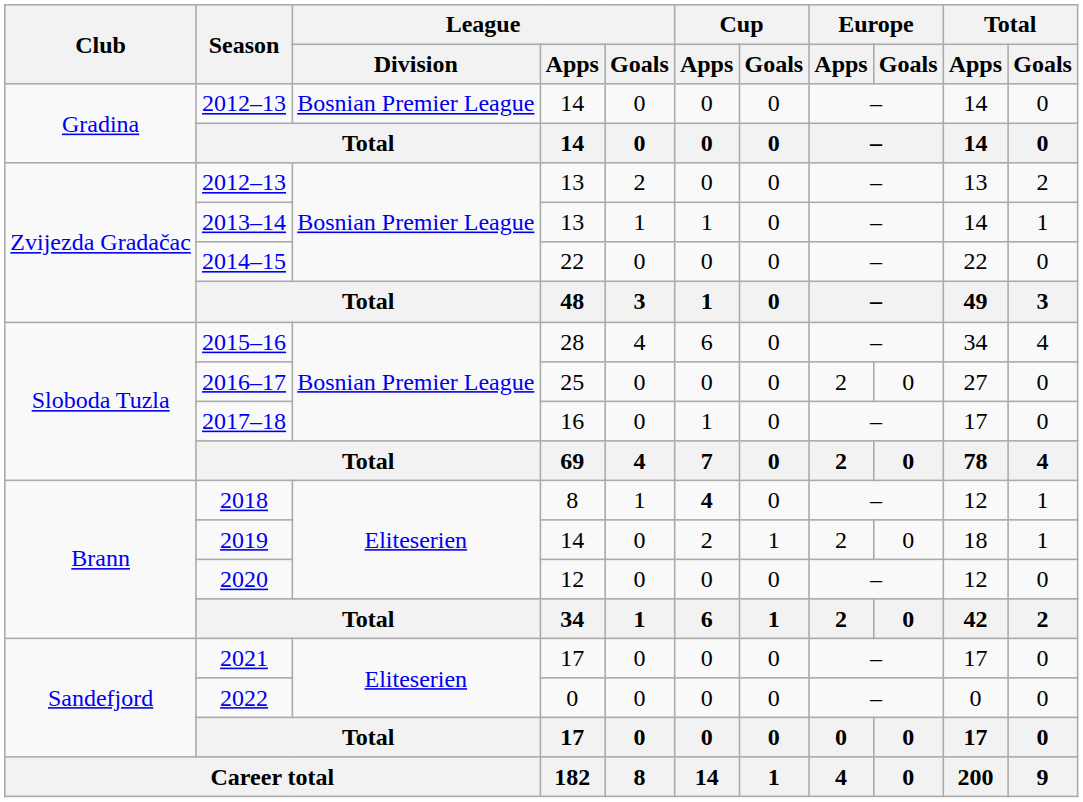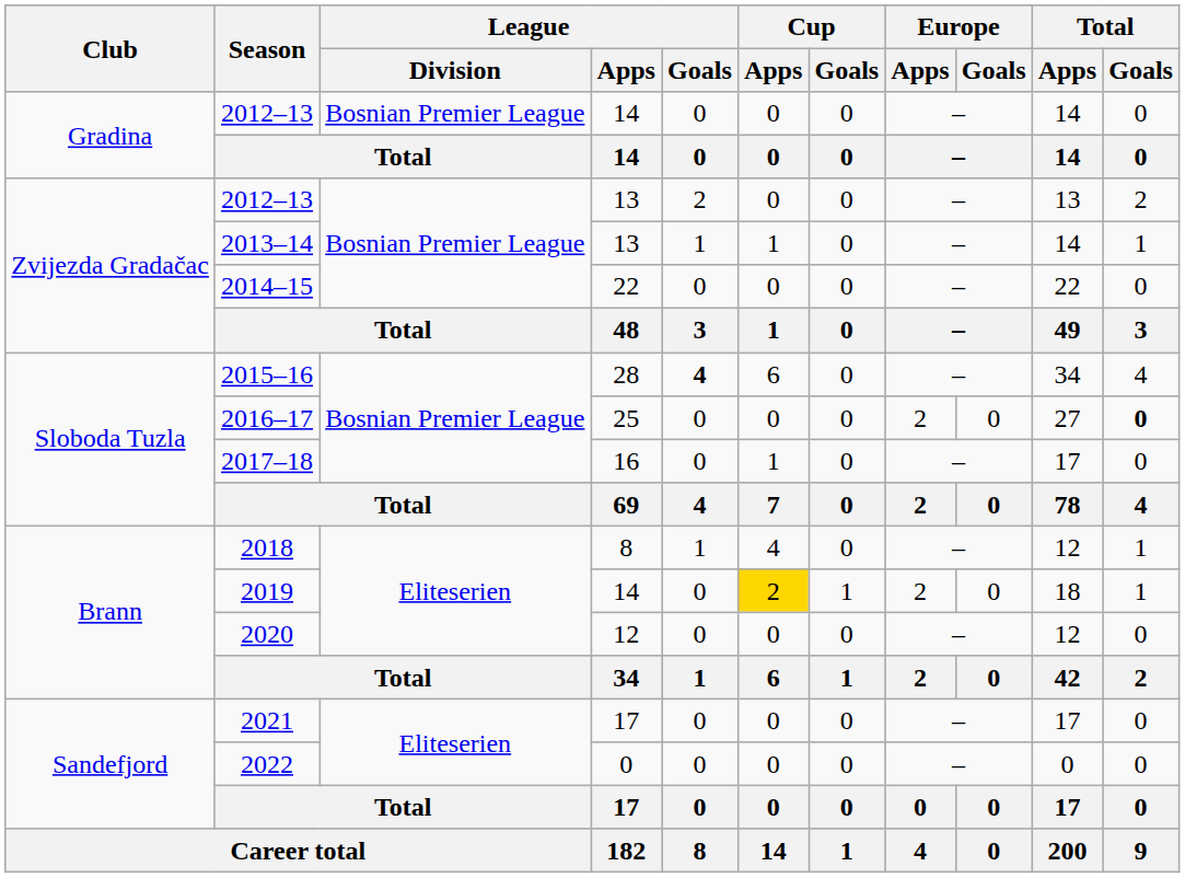 <table class="wikitable" style="text-align: center;font-size:95%">
 <tr>
 <th rowspan="2">Club</th>
 <th rowspan="2">Season</th>
 <th colspan="3">League</th>
 <th colspan="2">Cup</th>
 <th colspan="2">Europe</th>
 <th colspan="2">Total</th>
 </tr>
 <tr>
 <th>Division</th>
 <th>Apps</th>
 <th>Goals</th>
 <th>Apps</th>
 <th>Goals</th>
 <th>Apps</th>
 <th>Goals</th>
 <th>Apps</th>
 <th>Goals</th>
 </tr>
 <tr>
 <td rowspan=2><a href='#'>Gradina</a></td>
 <td><a href='#'>2012–13</a></td>
 <td rowspan=1><a href='#'>Bosnian Premier League</a></td>
 <td>14</td>
 <td>0</td>
 <td>0</td>
 <td>0</td>
 <td colspan=2>–</td>
 <td>14</td>
 <td>0</td>
 </tr>
 <tr>
 <th colspan=2>Total</th>
 <th>14</th>
 <th>0</th>
 <th>0</th>
 <th>0</th>
 <th colspan=2>–</th>
 <th>14</th>
 <th>0</th>
 </tr>
 <tr>
 <td rowspan=4><a href='#'>Zvijezda Gradačac</a></td>
 <td><a href='#'>2012–13</a></td>
 <td rowspan=3><a href='#'>Bosnian Premier League</a></td>
 <td>13</td>
 <td>2</td>
 <td>0</td>
 <td>0</td>
 <td colspan=2>–</td>
 <td>13</td>
 <td>2</td>
 </tr>
 <tr>
 <td><a href='#'>2013–14</a></td>
 <td>13</td>
 <td>1</td>
 <td>1</td>
 <td>0</td>
 <td colspan=2>–</td>
 <td>14</td>
 <td>1</td>
 </tr>
 <tr>
 <td><a href='#'>2014–15</a></td>
 <td>22</td>
 <td>0</td>
 <td>0</td>
 <td>0</td>
 <td colspan=2>–</td>
 <td>22</td>
 <td>0</td>
 </tr>
 <tr>
 <th colspan=2>Total</th>
 <th>48</th>
 <th>3</th>
 <th>1</th>
 <th>0</th>
 <th colspan=2>–</th>
 <th>49</th>
 <th>3</th>
 </tr>
 <tr>
 <td rowspan=4><a href='#'>Sloboda Tuzla</a></td>
 <td><a href='#'>2015–16</a></td>
 <td rowspan=3><a href='#'>Bosnian Premier League</a></td>
 <td>28</td>
-<td>4</td>
+<td><strong>4</strong></td>
 <td>6</td>
 <td>0</td>
 <td colspan=2>–</td>
 <td>34</td>
 <td>4</td>
 </tr>
 <tr>
 <td><a href='#'>2016–17</a></td>
 <td>25</td>
 <td>0</td>
 <td>0</td>
 <td>0</td>
 <td>2</td>
 <td>0</td>
 <td>27</td>
-<td>0</td>
+<td><strong>0</strong></td>
 </tr>
 <tr>
 <td><a href='#'>2017–18</a></td>
 <td>16</td>
 <td>0</td>
 <td>1</td>
 <td>0</td>
 <td colspan=2>–</td>
 <td>17</td>
 <td>0</td>
 </tr>
 <tr>
 <th colspan=2>Total</th>
 <th>69</th>
 <th>4</th>
 <th>7</th>
 <th>0</th>
 <th>2</th>
 <th>0</th>
 <th>78</th>
 <th>4</th>
 </tr>
 <tr>
 <td rowspan=4><a href='#'>Brann</a></td>
 <td><a href='#'>2018</a></td>
 <td rowspan=3><a href='#'>Eliteserien</a></td>
 <td>8</td>
 <td>1</td>
-<td><strong>4</strong></td>
+<td>4</td>
 <td>0</td>
 <td colspan=2>–</td>
 <td>12</td>
 <td>1</td>
 </tr>
 <tr>
 <td><a href='#'>2019</a></td>
 <td>14</td>
 <td>0</td>
-<td>2</td>
+<td style="background: gold;">2</td>
 <td>1</td>
 <td>2</td>
 <td>0</td>
 <td>18</td>
 <td>1</td>
 </tr>
 <tr>
 <td><a href='#'>2020</a></td>
 <td>12</td>
 <td>0</td>
 <td>0</td>
 <td>0</td>
 <td colspan=2>–</td>
 <td>12</td>
 <td>0</td>
 </tr>
 <tr>
 <th colspan=2>Total</th>
 <th>34</th>
 <th>1</th>
 <th>6</th>
 <th>1</th>
 <th>2</th>
 <th>0</th>
 <th>42</th>
 <th>2</th>
 </tr>
 <tr>
 <td rowspan=3><a href='#'>Sandefjord</a></td>
 <td><a href='#'>2021</a></td>
 <td rowspan=2><a href='#'>Eliteserien</a></td>
 <td>17</td>
 <td>0</td>
 <td>0</td>
 <td>0</td>
 <td colspan=2>–</td>
 <td>17</td>
 <td>0</td>
 </tr>
 <tr>
 <td><a href='#'>2022</a></td>
 <td>0</td>
 <td>0</td>
 <td>0</td>
 <td>0</td>
 <td colspan=2>–</td>
 <td>0</td>
 <td>0</td>
 </tr>
 <tr>
 <th colspan=2>Total</th>
 <th>17</th>
 <th>0</th>
 <th>0</th>
 <th>0</th>
 <th>0</th>
 <th>0</th>
 <th>17</th>
 <th>0</th>
 </tr>
 <tr>
 <th colspan=3>Career total</th>
 <th>182</th>
 <th>8</th>
 <th>14</th>
 <th>1</th>
 <th>4</th>
 <th>0</th>
 <th>200</th>
 <th>9</th>
 </tr>
 </table>
